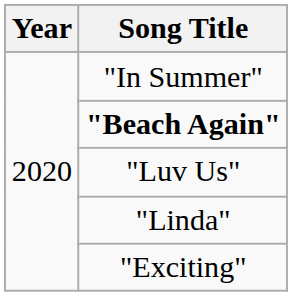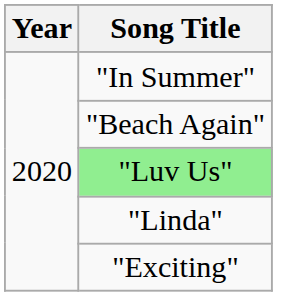 <table class="wikitable" style="text-align:center">
 <tr>
 <th>Year</th>
 <th>Song Title</th>
 </tr>
 <tr>
 <td rowspan="5">2020</td>
 <td>"In Summer"</td>
 </tr>
 <tr>
-<td><strong>"Beach Again"</strong></td>
+<td>"Beach Again"</td>
 </tr>
 <tr>
-<td>"Luv Us"</td>
+<td style="background: lightgreen;">"Luv Us"</td>
 </tr>
 <tr>
 <td>"Linda"</td>
 </tr>
 <tr>
 <td>"Exciting"</td>
 </tr>
 </table>
